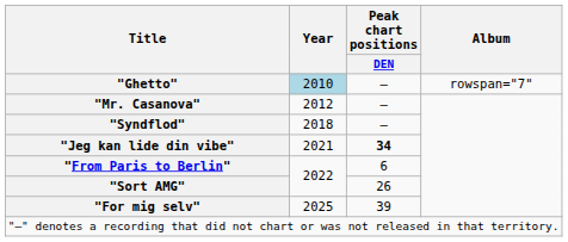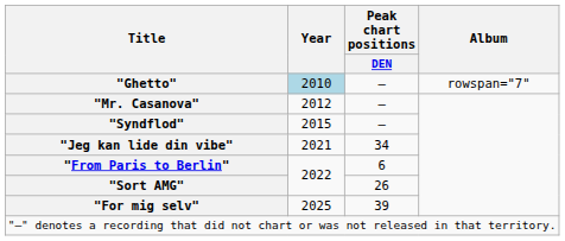 <table class="wikitable plainrowheaders" style="text-align:center;">
 <tr>
 <th scope="col" rowspan="2">Title</th>
 <th scope="col" rowspan="2">Year</th>
 <th scope="col" colspan="1">Peak chart positions</th>
 <th scope="col" rowspan="2">Album</th>
 </tr>
 <tr>
 <th scope="col" style="width:2.5em;font-size:90%;"><a href='#'>DEN</a><br></th>
 </tr>
 <tr>
 <th scope="row">"Ghetto"<br></th>
 <td style="background: lightblue;">2010</td>
 <td>—</td>
 <td>rowspan="7" </td>
 </tr>
 <tr>
 <th scope="row">"Mr. Casanova"<br></th>
 <td>2012</td>
 <td>—</td>
 </tr>
 <tr>
 <th scope="row">"Syndflod"<br></th>
-<td>2018</td>
+<td>2015</td>
 <td>—</td>
 </tr>
 <tr>
 <th scope="row">"Jeg kan lide din vibe"<br></th>
 <td>2021</td>
-<td><strong>34<br></strong></td>
+<td>34<br></td>
 </tr>
 <tr>
 <th scope="row">"<a href='#'>From Paris to Berlin</a>"<br></th>
 <td rowspan="2">2022</td>
 <td>6<br></td>
 </tr>
 <tr>
 <th scope="row">"Sort AMG"<br></th>
 <td>26<br></td>
 </tr>
 <tr>
 <th scope="row">"For mig selv"<br></th>
 <td>2025</td>
 <td>39<br></td>
 </tr>
 <tr>
 <td colspan="11" style="font-size:90%">"—" denotes a recording that did not chart or was not released in that territory.</td>
 </tr>
 </table>
